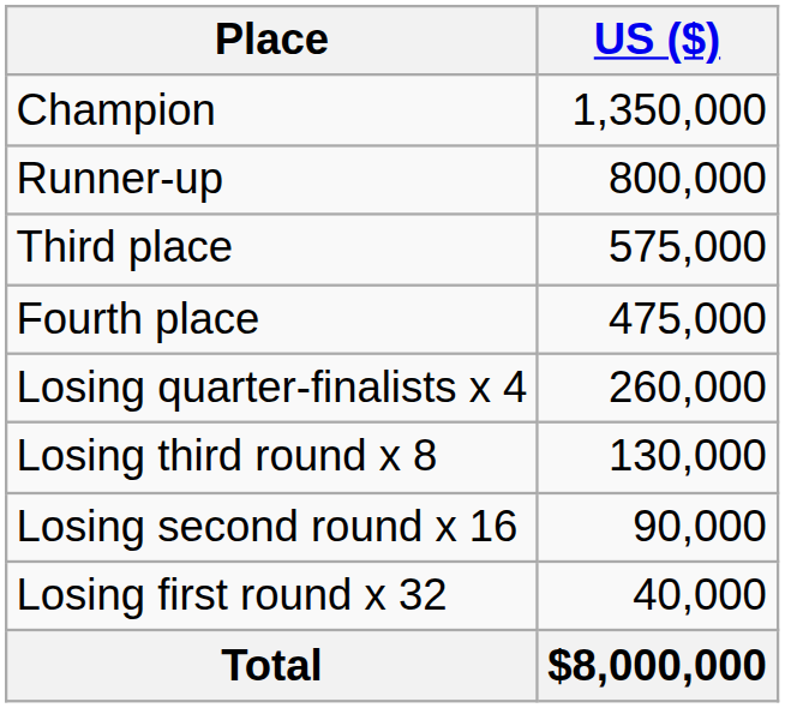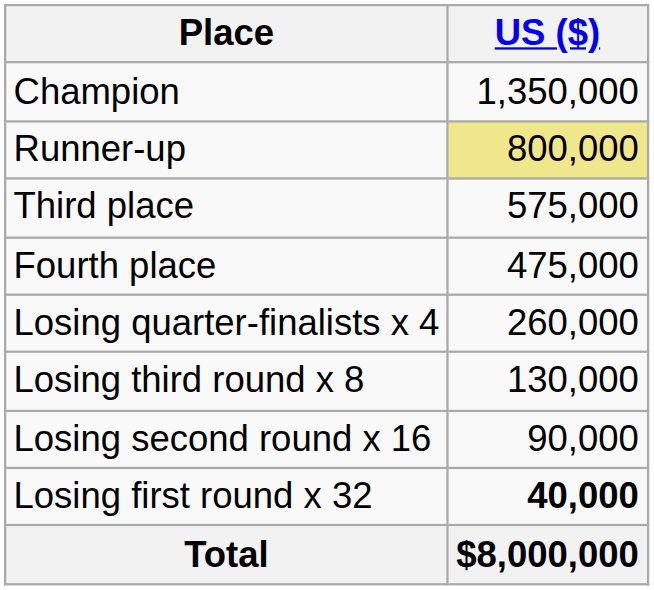 <table class="wikitable">
 <tr>
 <th>Place</th>
 <th><a href='#'>US ($)</a></th>
 </tr>
 <tr>
 <td>Champion</td>
 <td align=right>1,350,000</td>
 </tr>
 <tr>
 <td>Runner-up</td>
-<td align=right>800,000</td>
+<td align=right style="background: khaki;">800,000</td>
 </tr>
 <tr>
 <td>Third place</td>
 <td align=right>575,000</td>
 </tr>
 <tr>
 <td>Fourth place</td>
 <td align=right>475,000</td>
 </tr>
 <tr>
 <td>Losing quarter-finalists x 4</td>
 <td align=right>260,000</td>
 </tr>
 <tr>
 <td>Losing third round x 8</td>
 <td align=right>130,000</td>
 </tr>
 <tr>
 <td>Losing second round x 16</td>
 <td align=right>90,000</td>
 </tr>
 <tr>
 <td>Losing first round x 32</td>
-<td align=right>40,000</td>
+<td align=right><strong>40,000</strong></td>
 </tr>
 <tr>
 <th>Total</th>
 <th>$8,000,000</th>
 </tr>
 </table>
